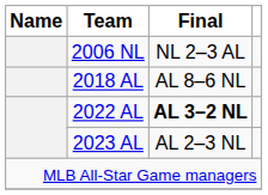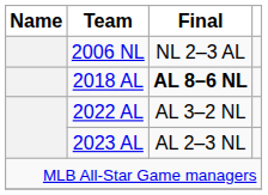 <table class="wikitable sortable plainrowheaders" style="font-size: 90%; text-align:center">
 <tr>
 <th scope="col" style="background-color:#ffffff; border-top:#">Name</th>
 <th scope="col" style="background-color:#ffffff; border-top:#">Team</th>
 <th scope="col" style="background-color:#ffffff; border-top:#">Final</th>
 <th scope="col" class="unsortable" style="background-color:#ffffff; border-top:#"></th>
 </tr>
 <tr>
 <th scope="row" style="text-align:center"></th>
 <td><a href='#'>2006 NL</a></td>
 <td>NL 2–3 AL</td>
 <td></td>
 </tr>
 <tr>
 <th scope="row" style="text-align:center"></th>
 <td><a href='#'>2018 AL</a></td>
-<td>AL 8–6 NL</td>
+<td><strong>AL 8–6 NL</strong></td>
 <td></td>
 </tr>
 <tr>
 <th scope="row" rowspan="2" style="text-align:center"></th>
 <td><a href='#'>2022 AL</a></td>
-<td><strong>AL 3–2 NL</strong></td>
+<td>AL 3–2 NL</td>
 <td></td>
 </tr>
 <tr>
 <td><a href='#'>2023 AL</a></td>
 <td>AL 2–3 NL</td>
 <td></td>
 </tr>
 <tr class="sortbottom">
 <td style="text-align:right"; colspan="4"><small><a href='#'>MLB All-Star Game managers</a></small></td>
 </tr>
 <tr>
 </tr>
 </table>
